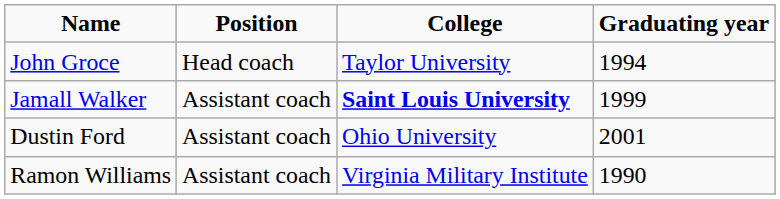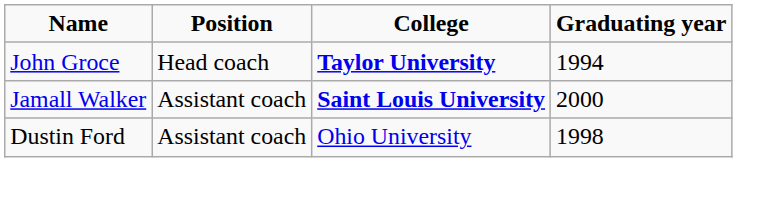 <table class="wikitable">
 <tr>
 <td align=center><span> <strong>Name</strong></span></td>
 <td align=center><span> <strong>Position</strong></span></td>
 <td align=center><span> <strong>College</strong></span></td>
 <td align=center><span> <strong>Graduating year</strong></span></td>
 </tr>
 <tr>
 <td><a href='#'>John Groce</a></td>
 <td>Head coach</td>
-<td><a href='#'>Taylor University</a></td>
+<td><strong><a href='#'>Taylor University</a></strong></td>
 <td>1994</td>
 </tr>
 <tr>
 <td><a href='#'>Jamall Walker</a></td>
 <td>Assistant coach</td>
 <td><strong><a href='#'>Saint Louis University</a></strong></td>
-<td>1999</td>
+<td>2000</td>
 </tr>
 <tr>
 <td>Dustin Ford</td>
 <td>Assistant coach</td>
 <td><a href='#'>Ohio University</a></td>
-<td>2001</td>
-</tr>
-<tr>
-<td>Ramon Williams</td>
-<td>Assistant coach</td>
-<td><a href='#'>Virginia Military Institute</a></td>
-<td>1990</td>
+<td>1998</td>
 </tr>
 </table>
